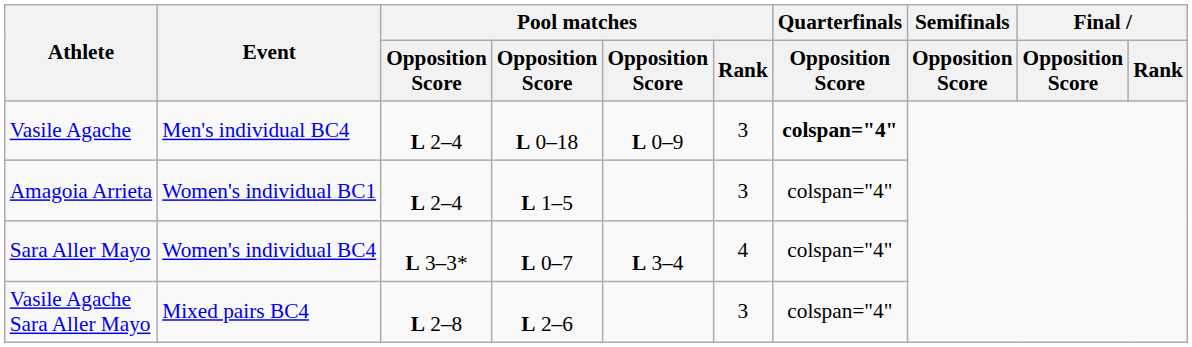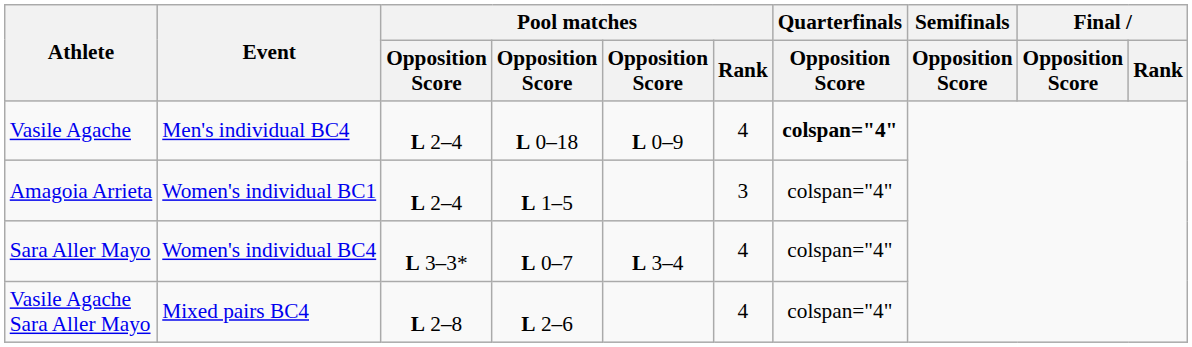 <table class=wikitable style="font-size:90%">
 <tr>
 <th rowspan="2">Athlete</th>
 <th rowspan="2">Event</th>
 <th colspan="4">Pool matches</th>
 <th>Quarterfinals</th>
 <th>Semifinals</th>
 <th colspan=2>Final / </th>
 </tr>
 <tr>
 <th>Opposition<br>Score</th>
 <th>Opposition<br>Score</th>
 <th>Opposition<br>Score</th>
 <th>Rank</th>
 <th>Opposition<br>Score</th>
 <th>Opposition<br>Score</th>
 <th>Opposition<br>Score</th>
 <th>Rank</th>
 </tr>
 <tr align=center>
 <td align=left><a href='#'>Vasile Agache</a></td>
 <td align=left><a href='#'>Men's individual BC4</a></td>
 <td><br><strong>L</strong> 2–4</td>
 <td><br><strong>L</strong> 0–18</td>
 <td><br><strong>L</strong> 0–9</td>
-<td>3</td>
+<td>4</td>
 <td><strong>colspan="4" </strong></td>
 </tr>
 <tr align=center>
 <td align=left><a href='#'>Amagoia Arrieta</a></td>
 <td align=left><a href='#'>Women's individual BC1</a></td>
 <td><br><strong>L</strong> 2–4</td>
 <td><br><strong>L</strong> 1–5</td>
 <td></td>
 <td>3</td>
 <td>colspan="4" </td>
 </tr>
 <tr align=center>
 <td align=left><a href='#'>Sara Aller Mayo</a></td>
 <td align=left><a href='#'>Women's individual BC4</a></td>
 <td><br><strong>L</strong> 3–3*</td>
 <td><br><strong>L</strong> 0–7</td>
 <td><br><strong>L</strong> 3–4</td>
 <td>4</td>
 <td>colspan="4" </td>
 </tr>
 <tr align=center>
 <td align=left><a href='#'>Vasile Agache</a><br><a href='#'>Sara Aller Mayo</a></td>
 <td align=left><a href='#'>Mixed pairs BC4</a></td>
 <td><br><strong>L</strong> 2–8</td>
 <td><br><strong>L</strong> 2–6</td>
 <td></td>
-<td>3</td>
+<td>4</td>
 <td>colspan="4" </td>
 </tr>
 </table>
